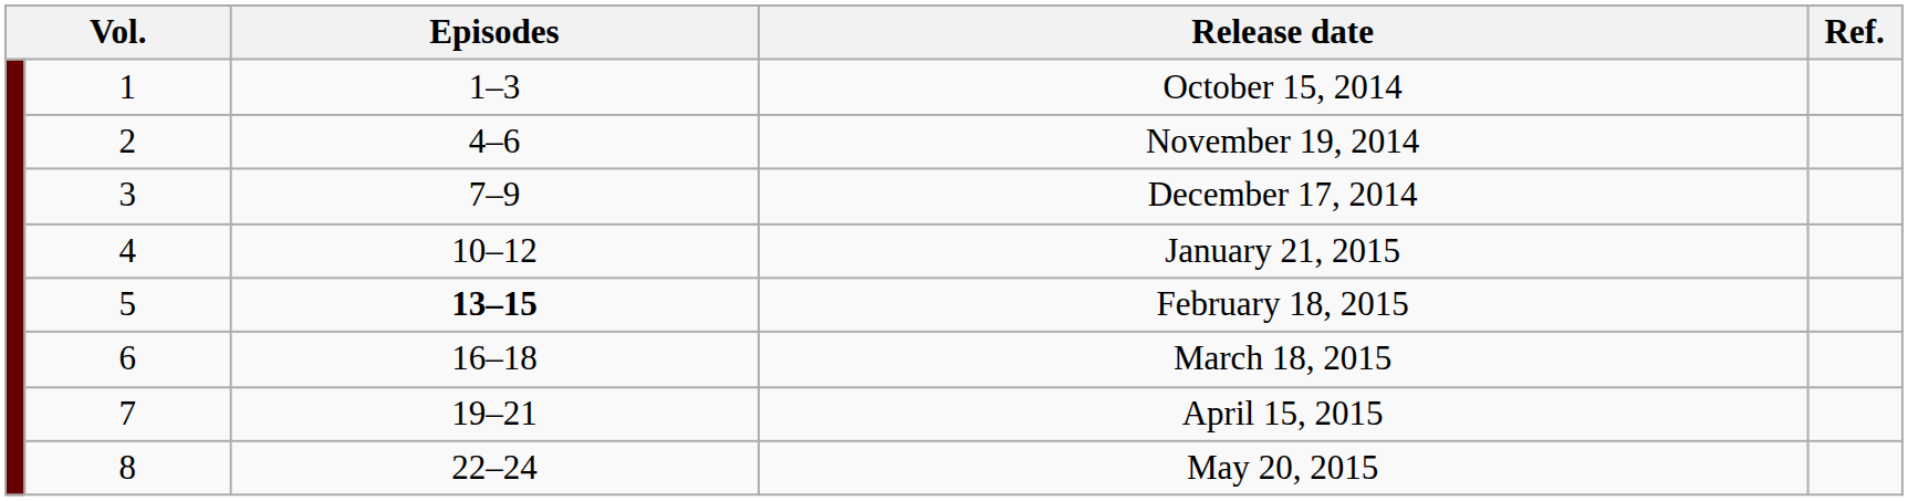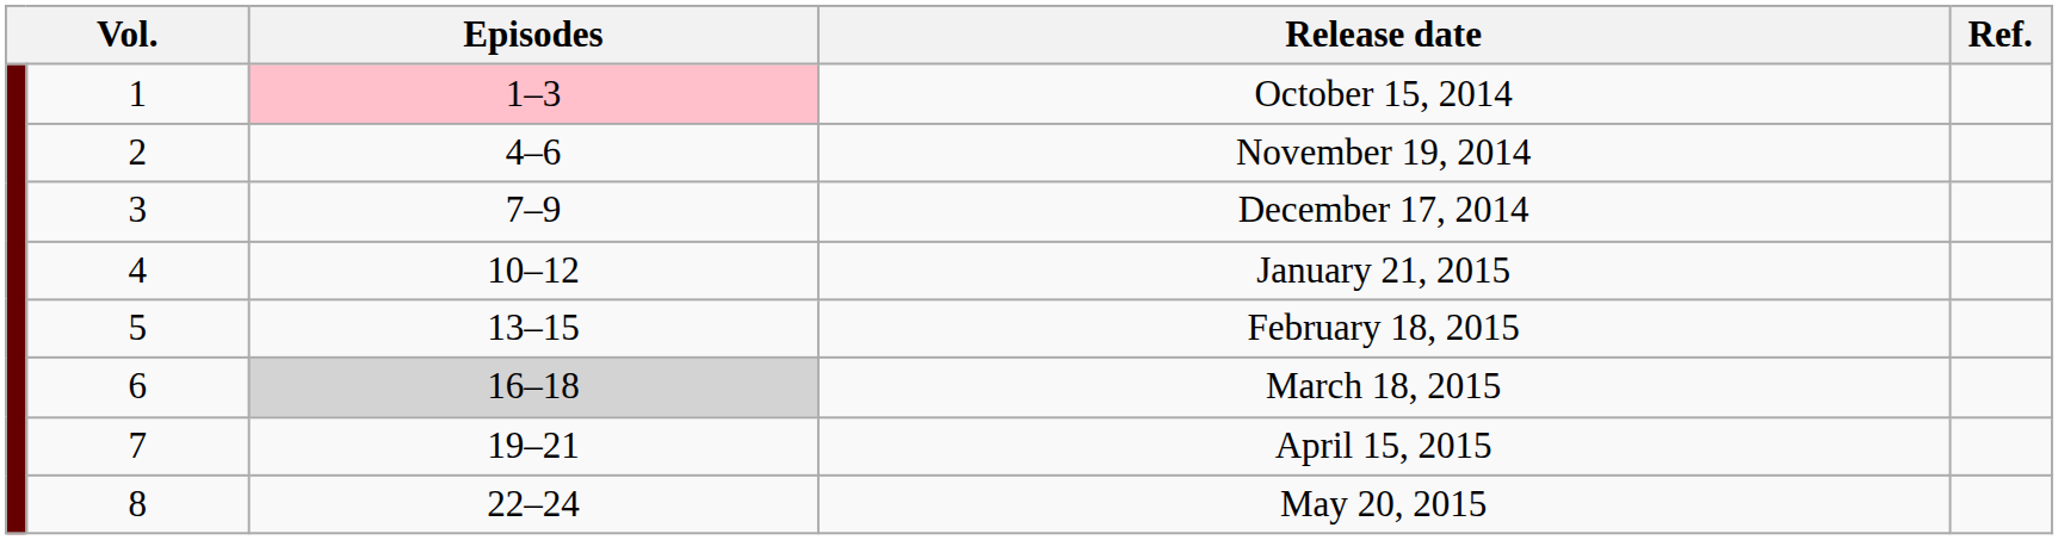 <table class="wikitable" style="text-align: center; width: 70%;">
 <tr>
 <th colspan="2">Vol.</th>
 <th>Episodes</th>
 <th scope="column">Release date</th>
 <th width="5%">Ref.</th>
 </tr>
 <tr>
 <td rowspan="10" width="1%" style="background: #660000;"></td>
 <td>1</td>
-<td>1–3</td>
+<td style="background: pink;">1–3</td>
 <td>October 15, 2014</td>
 <td></td>
 </tr>
 <tr>
 <td>2</td>
 <td>4–6</td>
 <td>November 19, 2014</td>
 <td></td>
 </tr>
 <tr>
 <td>3</td>
 <td>7–9</td>
 <td>December 17, 2014</td>
 <td></td>
 </tr>
 <tr>
 <td>4</td>
 <td>10–12</td>
 <td>January 21, 2015</td>
 <td></td>
 </tr>
 <tr>
 <td>5</td>
-<td><strong>13–15</strong></td>
+<td>13–15</td>
 <td>February 18, 2015</td>
 <td></td>
 </tr>
 <tr>
 <td>6</td>
-<td>16–18</td>
+<td style="background: lightgrey;">16–18</td>
 <td>March 18, 2015</td>
 <td></td>
 </tr>
 <tr>
 <td>7</td>
 <td>19–21</td>
 <td>April 15, 2015</td>
 <td></td>
 </tr>
 <tr>
 <td>8</td>
 <td>22–24</td>
 <td>May 20, 2015</td>
 <td></td>
 </tr>
 </table>
